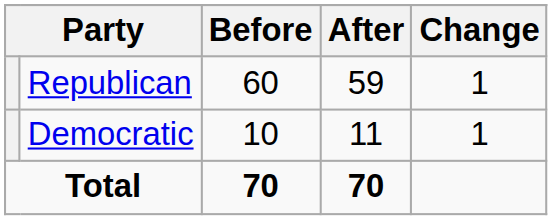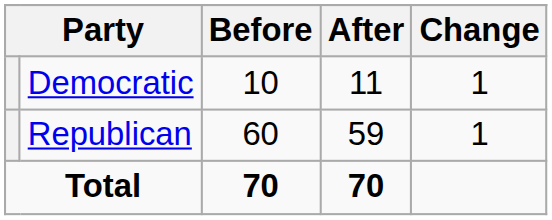 <table class="wikitable" style="text-align:center;">
 <tr>
 </tr>
 <tr>
 <th colspan=2>Party</th>
 <th>Before</th>
 <th>After</th>
 <th>Change</th>
 </tr>
 <tr>
 <th style="background-color:"></th>
-<td style="text-align:left;"><a href='#'>Republican</a></td>
-<td>60</td>
-<td>59</td>
+<td style="text-align:left;"><a href='#'>Democratic</a></td>
+<td>10</td>
+<td>11</td>
 <td> 1</td>
 </tr>
 <tr>
 <th style="background-color:"></th>
-<td style="text-align:left;"><a href='#'>Democratic</a></td>
-<td>10</td>
-<td>11</td>
+<td style="text-align:left;"><a href='#'>Republican</a></td>
+<td>60</td>
+<td>59</td>
 <td> 1</td>
 </tr>
 <tr>
 <td colspan=2><strong>Total</strong></td>
 <td><strong>70</strong></td>
 <td><strong>70</strong></td>
 <td></td>
 </tr>
 </table>
